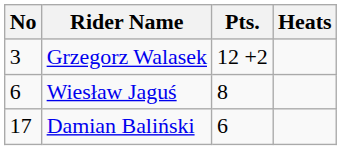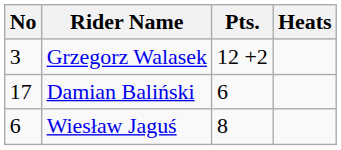 <table class="wikitable">
 <tr style="background-color:">
 <th>No</th>
 <th>Rider Name</th>
 <th>Pts.</th>
 <th>Heats</th>
 </tr>
 <tr>
 <td>3</td>
 <td><a href='#'>Grzegorz Walasek</a></td>
 <td>12 +2</td>
 <td></td>
 </tr>
 <tr>
+<td>17</td>
+<td><a href='#'>Damian Baliński</a></td>
+<td>6</td>
+<td></td>
+</tr>
+<tr>
 <td>6</td>
 <td><a href='#'>Wiesław Jaguś</a></td>
 <td>8</td>
 <td></td>
 </tr>
-<tr>
-<td>17</td>
-<td><a href='#'>Damian Baliński</a></td>
-<td>6</td>
-<td></td>
-</tr>
 </table>
